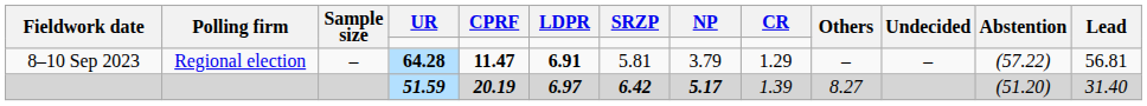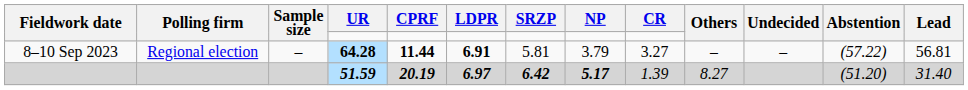 <table class=wikitable style="font-size:95%; line-height:14px; text-align:center">
 <tr>
 <th style=width:120px; rowspan=2>Fieldwork date</th>
 <th style=width:120px; rowspan=2>Polling firm</th>
 <th style=width:50px; rowspan=2>Sample<br>size</th>
 <th style="width:50px;"><a href='#'>UR</a></th>
 <th style="width:50px;"><a href='#'>CPRF</a></th>
 <th style="width:50px;"><a href='#'>LDPR</a></th>
 <th style="width:50px;"><a href='#'>SRZP</a></th>
 <th style="width:50px;"><a href='#'>NP</a></th>
 <th style="width:50px;"><a href='#'>CR</a></th>
 <th style="width:50px;" rowspan=2>Others</th>
 <th style="width:50px;" rowspan=2>Undecided</th>
 <th style="width:50px;" rowspan=2>Abstention</th>
 <th style="width:50px;" rowspan="2">Lead</th>
 </tr>
 <tr>
 <td bgcolor=></td>
 <td bgcolor=></td>
 <td bgcolor=></td>
 <td bgcolor=></td>
 <td bgcolor=></td>
 <td bgcolor=></td>
 </tr>
 <tr>
 <td>8–10 Sep 2023</td>
 <td><a href='#'>Regional election</a></td>
 <td>–</td>
 <td style="background:#B3E0FF"><strong>64.28</strong></td>
-<td><strong>11.47</strong></td>
+<td><strong>11.44</strong></td>
 <td><strong>6.91</strong></td>
 <td>5.81</td>
 <td>3.79</td>
-<td>1.29</td>
+<td>3.27</td>
 <td>–</td>
 <td>–</td>
 <td><em>(57.22)</em></td>
 <td style="background:">56.81</td>
 </tr>
 <tr style="background:#D5D5D5">
 <td></td>
 <td></td>
 <td></td>
 <td style="background:#B3E0FF"><strong><em>51.59</em></strong></td>
 <td><strong><em>20.19</em></strong></td>
 <td><strong><em>6.97</em></strong></td>
 <td><strong><em>6.42</em></strong></td>
 <td><strong><em>5.17</em></strong></td>
 <td><em>1.39</em></td>
 <td><em>8.27</em></td>
 <td></td>
 <td><em>(51.20)</em></td>
 <td style="background:"><em>31.40</em></td>
 </tr>
 </table>
